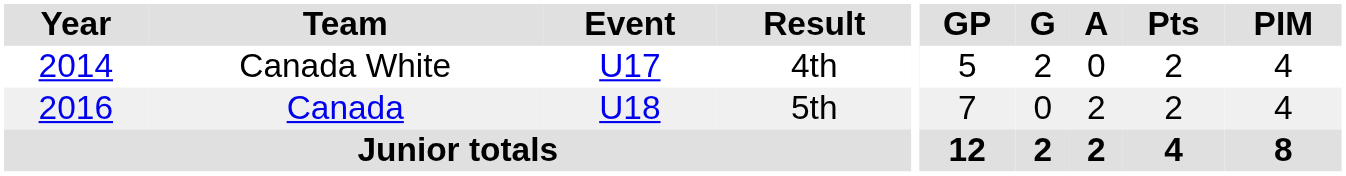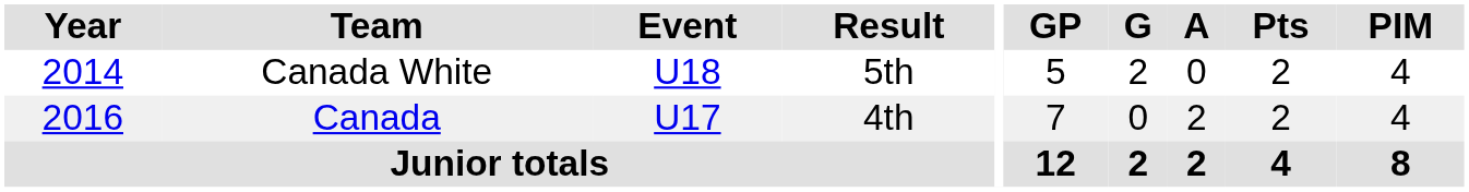 <table border="0" cellpadding="1" cellspacing="0" ID="Table3" style="text-align:center; width:40em">
 <tr ALIGN="center" bgcolor="#e0e0e0">
 <th>Year</th>
 <th>Team</th>
 <th>Event</th>
 <th>Result</th>
 <th rowspan="99" bgcolor="#ffffff"></th>
 <th>GP</th>
 <th>G</th>
 <th>A</th>
 <th>Pts</th>
 <th>PIM</th>
 </tr>
 <tr>
 <td><a href='#'>2014</a></td>
 <td>Canada White</td>
-<td><a href='#'>U17</a></td>
-<td>4th</td>
+<td><a href='#'>U18</a></td>
+<td>5th</td>
 <td>5</td>
 <td>2</td>
 <td>0</td>
 <td>2</td>
 <td>4</td>
 </tr>
 <tr bgcolor="#f0f0f0">
 <td><a href='#'>2016</a></td>
 <td><a href='#'>Canada</a></td>
-<td><a href='#'>U18</a></td>
-<td>5th</td>
+<td><a href='#'>U17</a></td>
+<td>4th</td>
 <td>7</td>
 <td>0</td>
 <td>2</td>
 <td>2</td>
 <td>4</td>
 </tr>
 <tr bgcolor="#e0e0e0">
 <th colspan="4">Junior totals</th>
 <th>12</th>
 <th>2</th>
 <th>2</th>
 <th>4</th>
 <th>8</th>
 </tr>
 </table>
